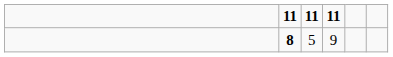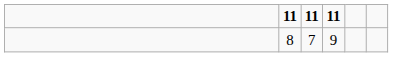 <table class="wikitable">
 <tr>
 <td style="width:18em"><strong></strong></td>
 <td align=center style="width:1em"><strong>11</strong></td>
 <td align=center style="width:1em"><strong>11</strong></td>
 <td align=center style="width:1em"><strong>11</strong></td>
 <td align=center style="width:1em"></td>
 <td align=center style="width:1em"></td>
 </tr>
 <tr>
 <td style="width:18em"></td>
-<td align=center style="width:1em"><strong>8</strong></td>
-<td align=center style="width:1em">5</td>
+<td align=center style="width:1em">8</td>
+<td align=center style="width:1em">7</td>
 <td align=center style="width:1em">9</td>
 <td align=center style="width:1em"></td>
 <td align=center style="width:1em"></td>
 </tr>
 </table>
